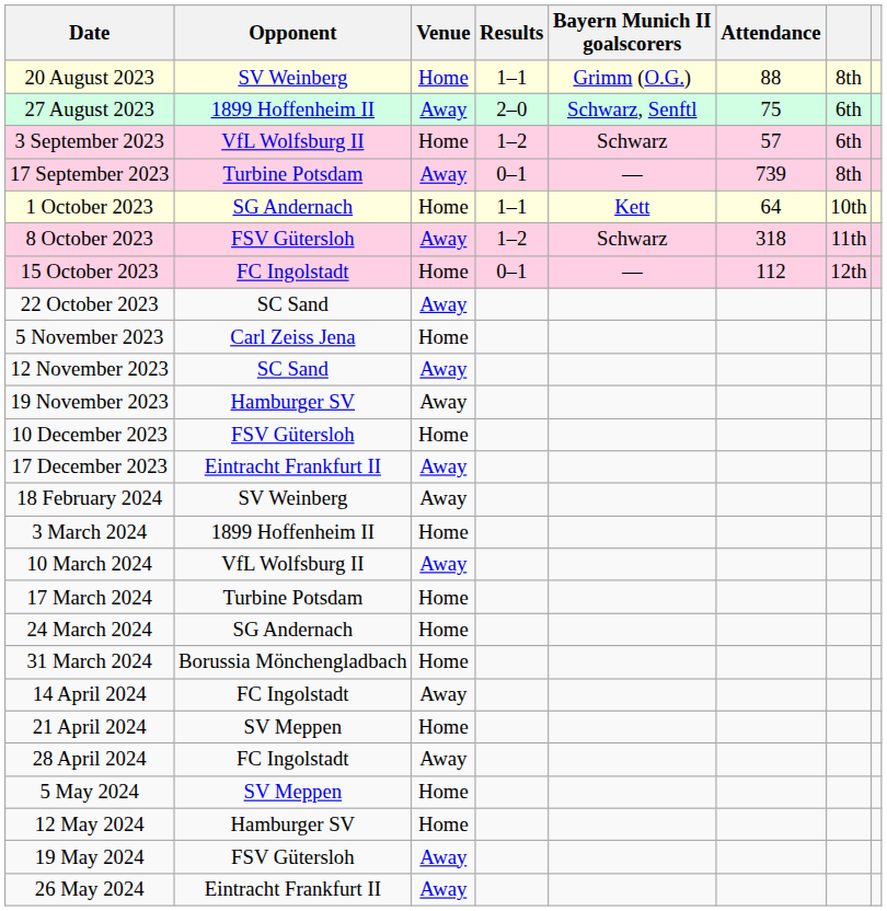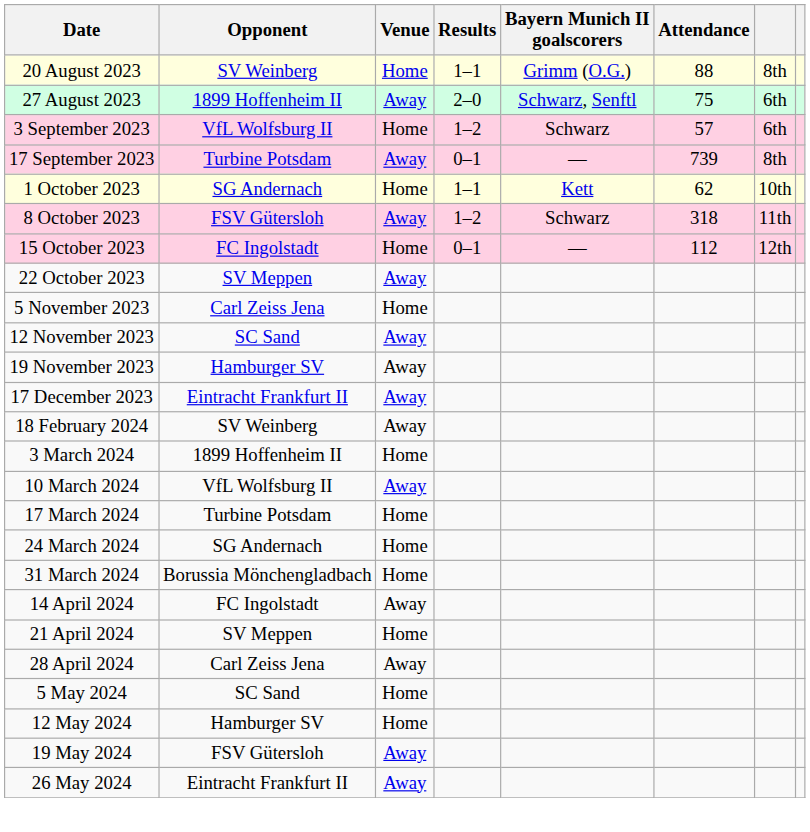 <table class="wikitable" Style="text-align: center">
 <tr>
 <th>Date</th>
 <th>Opponent</th>
 <th>Venue</th>
 <th>Results<br></th>
 <th>Bayern Munich II<br>goalscorers</th>
 <th>Attendance</th>
 <th></th>
 <th></th>
 </tr>
 <tr bgcolor="#ffffdd">
 <td>20 August 2023</td>
 <td><a href='#'>SV Weinberg</a></td>
 <td><a href='#'>Home</a></td>
 <td>1–1</td>
 <td><a href='#'>Grimm</a> (<a href='#'>O.G.</a>)</td>
 <td>88</td>
 <td>8th</td>
 <td></td>
 </tr>
 <tr style="background:#d0ffe3">
 <td>27 August 2023</td>
 <td><a href='#'>1899 Hoffenheim II</a></td>
 <td><a href='#'>Away</a></td>
 <td>2–0</td>
 <td><a href='#'>Schwarz</a>, <a href='#'>Senftl</a></td>
 <td>75</td>
 <td>6th</td>
 <td></td>
 </tr>
 <tr style="background:#ffd0e3">
 <td>3 September 2023</td>
 <td><a href='#'>VfL Wolfsburg II</a></td>
 <td>Home</td>
 <td>1–2</td>
 <td>Schwarz</td>
 <td>57</td>
 <td>6th</td>
 <td></td>
 </tr>
 <tr style="background:#ffd0e3">
 <td>17 September 2023</td>
 <td><a href='#'>Turbine Potsdam</a></td>
 <td><a href='#'>Away</a></td>
 <td>0–1</td>
 <td>—</td>
 <td>739</td>
 <td>8th</td>
 <td></td>
 </tr>
 <tr bgcolor="#ffffdd">
 <td>1 October 2023</td>
 <td><a href='#'>SG Andernach</a></td>
 <td>Home</td>
 <td>1–1</td>
 <td><a href='#'>Kett</a></td>
-<td>64</td>
+<td>62</td>
 <td>10th</td>
 <td></td>
 </tr>
 <tr style="background:#ffd0e3">
 <td>8 October 2023</td>
 <td><a href='#'>FSV Gütersloh</a></td>
 <td><a href='#'>Away</a></td>
 <td>1–2</td>
 <td>Schwarz</td>
 <td>318</td>
 <td>11th</td>
 <td></td>
 </tr>
 <tr style="background:#ffd0e3">
 <td>15 October 2023</td>
 <td><a href='#'>FC Ingolstadt</a></td>
 <td>Home</td>
 <td>0–1</td>
 <td>—</td>
 <td>112</td>
 <td>12th</td>
 <td></td>
 </tr>
 <tr>
 <td>22 October 2023</td>
-<td>SC Sand</td>
+<td><a href='#'>SV Meppen</a></td>
 <td><a href='#'>Away</a></td>
 <td></td>
 <td></td>
 <td></td>
 <td></td>
 <td></td>
 </tr>
 <tr>
 <td>5 November 2023</td>
 <td><a href='#'>Carl Zeiss Jena</a></td>
 <td>Home</td>
 <td></td>
 <td></td>
 <td></td>
 <td></td>
 <td></td>
 </tr>
 <tr>
 <td>12 November 2023</td>
 <td><a href='#'>SC Sand</a></td>
 <td><a href='#'>Away</a></td>
 <td></td>
 <td></td>
 <td></td>
 <td></td>
 <td></td>
 </tr>
 <tr>
 <td>19 November 2023</td>
 <td><a href='#'>Hamburger SV</a></td>
 <td>Away</td>
-<td></td>
-<td></td>
-<td></td>
-<td></td>
-<td></td>
-</tr>
-<tr>
-<td>10 December 2023</td>
-<td><a href='#'>FSV Gütersloh</a></td>
-<td>Home</td>
 <td></td>
 <td></td>
 <td></td>
 <td></td>
 <td></td>
 </tr>
 <tr>
 <td>17 December 2023</td>
 <td><a href='#'>Eintracht Frankfurt II</a></td>
 <td><a href='#'>Away</a></td>
 <td></td>
 <td></td>
 <td></td>
 <td></td>
 <td></td>
 </tr>
 <tr>
 <td>18 February 2024</td>
 <td>SV Weinberg</td>
 <td>Away</td>
 <td></td>
 <td></td>
 <td></td>
 <td></td>
 <td></td>
 </tr>
 <tr>
 <td>3 March 2024</td>
 <td>1899 Hoffenheim II</td>
 <td>Home</td>
 <td></td>
 <td></td>
 <td></td>
 <td></td>
 <td></td>
 </tr>
 <tr>
 <td>10 March 2024</td>
 <td>VfL Wolfsburg II</td>
 <td><a href='#'>Away</a></td>
 <td></td>
 <td></td>
 <td></td>
 <td></td>
 <td></td>
 </tr>
 <tr>
 <td>17 March 2024</td>
 <td>Turbine Potsdam</td>
 <td>Home</td>
 <td></td>
 <td></td>
 <td></td>
 <td></td>
 <td></td>
 </tr>
 <tr>
 <td>24 March 2024</td>
 <td>SG Andernach</td>
 <td>Home</td>
 <td></td>
 <td></td>
 <td></td>
 <td></td>
 <td></td>
 </tr>
 <tr>
 <td>31 March 2024</td>
 <td>Borussia Mönchengladbach</td>
 <td>Home</td>
 <td></td>
 <td></td>
 <td></td>
 <td></td>
 <td></td>
 </tr>
 <tr>
 <td>14 April 2024</td>
 <td>FC Ingolstadt</td>
 <td>Away</td>
 <td></td>
 <td></td>
 <td></td>
 <td></td>
 <td></td>
 </tr>
 <tr>
 <td>21 April 2024</td>
 <td>SV Meppen</td>
 <td>Home</td>
 <td></td>
 <td></td>
 <td></td>
 <td></td>
 <td></td>
 </tr>
 <tr>
 <td>28 April 2024</td>
-<td>FC Ingolstadt</td>
+<td>Carl Zeiss Jena</td>
 <td>Away</td>
 <td></td>
 <td></td>
 <td></td>
 <td></td>
 <td></td>
 </tr>
 <tr>
 <td>5 May 2024</td>
-<td><a href='#'>SV Meppen</a></td>
+<td>SC Sand</td>
 <td>Home</td>
 <td></td>
 <td></td>
 <td></td>
 <td></td>
 <td></td>
 </tr>
 <tr>
 <td>12 May 2024</td>
 <td>Hamburger SV</td>
 <td>Home</td>
 <td></td>
 <td></td>
 <td></td>
 <td></td>
 <td></td>
 </tr>
 <tr>
 <td>19 May 2024</td>
 <td>FSV Gütersloh</td>
 <td><a href='#'>Away</a></td>
 <td></td>
 <td></td>
 <td></td>
 <td></td>
 <td></td>
 </tr>
 <tr>
 <td>26 May 2024</td>
 <td>Eintracht Frankfurt II</td>
 <td><a href='#'>Away</a></td>
 <td></td>
 <td></td>
 <td></td>
 <td></td>
 <td></td>
 </tr>
 </table>
